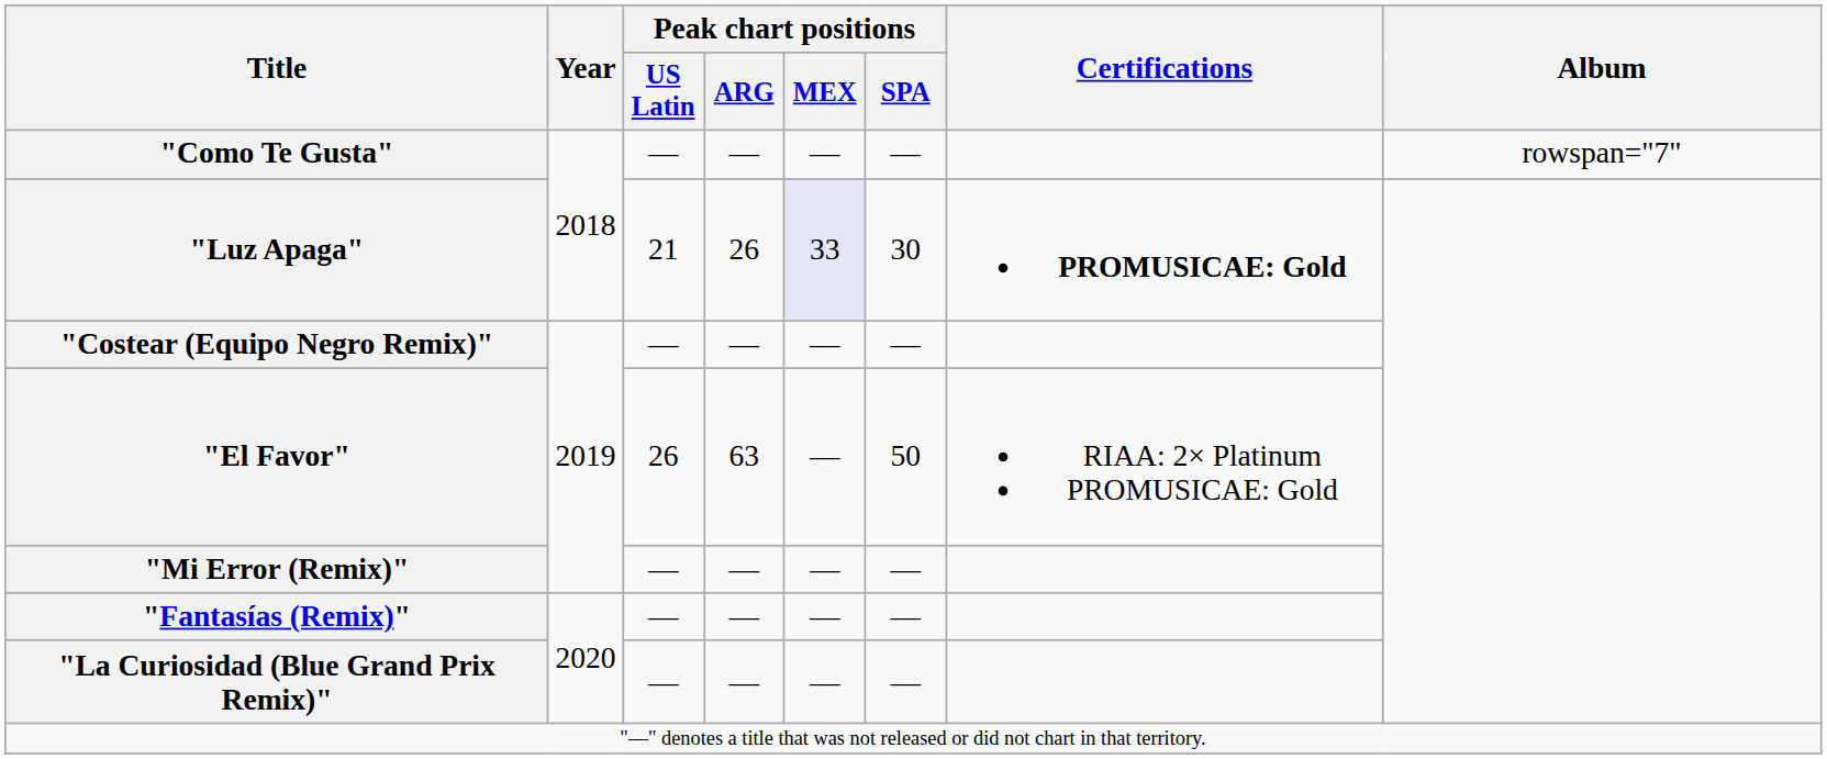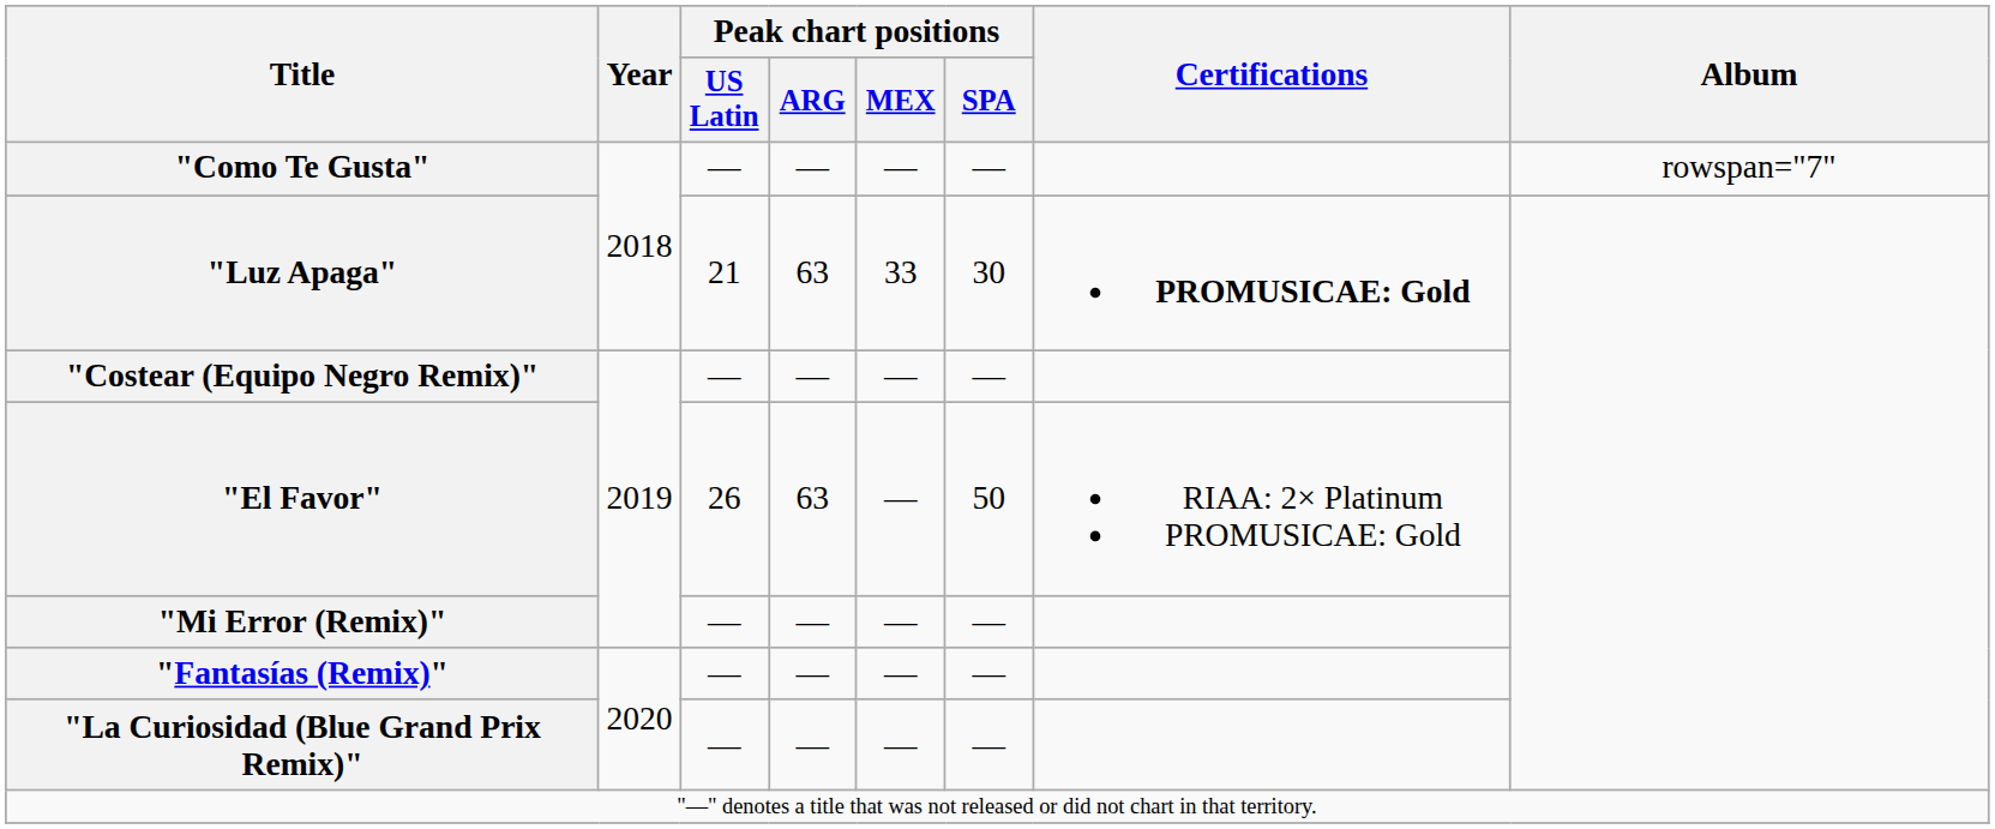 <table class="wikitable plainrowheaders" style="text-align:center;" border="1">
 <tr>
 <th scope="col" rowspan="2" style="width:17.5em;">Title</th>
 <th scope="col" rowspan="2" style="width:1em;">Year</th>
 <th scope="col" colspan="4">Peak chart positions</th>
 <th scope="col" rowspan="2" style="width:14em;"><a href='#'>Certifications</a></th>
 <th scope="col" rowspan="2" style="width:14em;">Album</th>
 </tr>
 <tr>
 <th scope="col" style="width:2.5em;font-size:90%;"><a href='#'>US<br>Latin</a><br></th>
 <th scope="col" style="width:2.5em;font-size:90%;"><a href='#'>ARG</a><br></th>
 <th scope="col" style="width:2.5em;font-size:90%;"><a href='#'>MEX</a><br></th>
 <th scope="col" style="width:2.5em;font-size:90%;"><a href='#'>SPA</a><br></th>
 </tr>
 <tr>
 <th scope="row">"Como Te Gusta"<br></th>
 <td rowspan="2">2018</td>
 <td>—</td>
 <td>—</td>
 <td>—</td>
 <td>—</td>
 <td></td>
 <td>rowspan="7" </td>
 </tr>
 <tr>
 <th scope="row">"Luz Apaga"<br></th>
 <td>21</td>
-<td>26</td>
-<td style="background: lavender;">33</td>
+<td>63</td>
+<td>33</td>
 <td>30</td>
 <td><strong><br><ul><li>PROMUSICAE: Gold</li></ul></strong></td>
 </tr>
 <tr>
 <th scope="row">"Costear (Equipo Negro Remix)"<br></th>
 <td rowspan="3">2019</td>
 <td>—</td>
 <td>—</td>
 <td>—</td>
 <td>—</td>
 <td></td>
 </tr>
 <tr>
 <th scope="row">"El Favor"<br></th>
 <td>26</td>
 <td>63</td>
 <td>—</td>
 <td>50</td>
 <td><br><ul><li>RIAA: 2× Platinum </li><li>PROMUSICAE: Gold</li></ul></td>
 </tr>
 <tr>
 <th scope="row">"Mi Error (Remix)"<br></th>
 <td>—</td>
 <td>—</td>
 <td>—</td>
 <td>—</td>
 <td></td>
 </tr>
 <tr>
 <th scope="row">"<a href='#'>Fantasías (Remix)</a>"<br></th>
 <td rowspan="2">2020</td>
 <td>—</td>
 <td>—</td>
 <td>—</td>
 <td>—</td>
 <td></td>
 </tr>
 <tr>
 <th scope="row">"La Curiosidad (Blue Grand Prix Remix)"<br></th>
 <td>—</td>
 <td>—</td>
 <td>—</td>
 <td>—</td>
 <td></td>
 </tr>
 <tr>
 <td colspan="14" style="font-size:8pt;">"—" denotes a title that was not released or did not chart in that territory.</td>
 </tr>
 </table>
